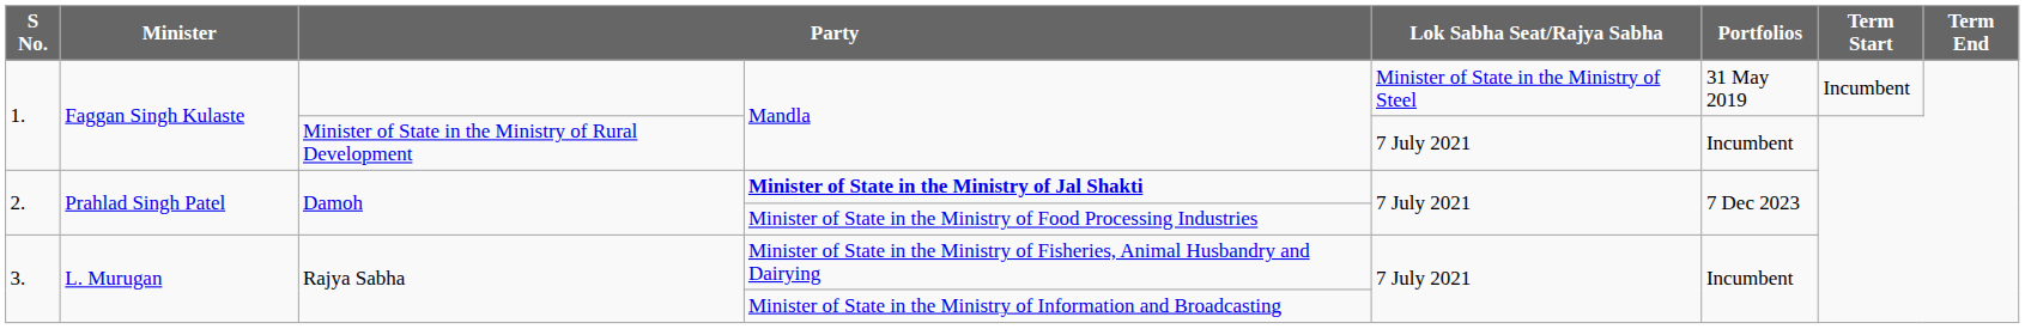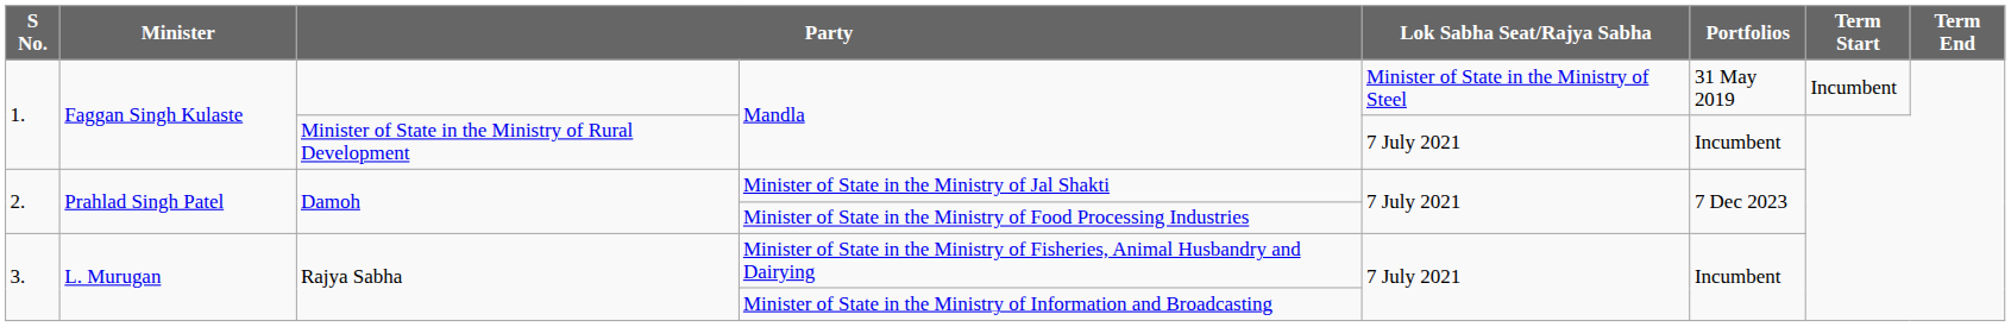 <table class="wikitable" width="80%" style="font-size: x-big;">
 <tr>
 <th style="background-color:#666666; color:white">S No.</th>
 <th style="background-color:#666666; color:white; width:180px">Minister</th>
 <th colspan="2" style="background-color:#666666; color:white">Party</th>
 <th style="background-color:#666666; color:white">Lok Sabha Seat/Rajya Sabha</th>
 <th style="background-color:#666666; color:white">Portfolios</th>
 <th style="background-color:#666666; color:white">Term Start</th>
 <th style="background-color:#666666; color:white">Term End</th>
 </tr>
 <tr>
 <td rowspan=2>1.</td>
 <td rowspan=2><a href='#'>Faggan Singh Kulaste</a></td>
 <td></td>
 <td rowspan=2><a href='#'>Mandla</a></td>
 <td><a href='#'>Minister of State in the Ministry of Steel</a></td>
 <td>31 May 2019</td>
 <td>Incumbent</td>
 </tr>
 <tr>
 <td><a href='#'>Minister of State in the Ministry of Rural Development</a></td>
 <td>7 July 2021</td>
 <td>Incumbent</td>
 </tr>
 <tr>
 <td rowspan=2>2.</td>
 <td rowspan=2><a href='#'>Prahlad Singh Patel</a></td>
 <td rowspan=2><a href='#'>Damoh</a></td>
-<td><strong><a href='#'>Minister of State in the Ministry of Jal Shakti</a></strong></td>
+<td><a href='#'>Minister of State in the Ministry of Jal Shakti</a></td>
 <td rowspan=2>7 July 2021</td>
 <td rowspan=2>7 Dec 2023</td>
 </tr>
 <tr>
 <td><a href='#'>Minister of State in the Ministry of Food Processing Industries</a></td>
 </tr>
 <tr>
 <td rowspan=2>3.</td>
 <td rowspan=2><a href='#'>L. Murugan</a></td>
 <td rowspan=2>Rajya Sabha</td>
 <td><a href='#'>Minister of State in the Ministry of Fisheries, Animal Husbandry and Dairying</a></td>
 <td rowspan=2>7 July 2021</td>
 <td rowspan=2>Incumbent</td>
 </tr>
 <tr>
 <td><a href='#'>Minister of State in the Ministry of Information and Broadcasting</a></td>
 </tr>
 <tr>
 </tr>
 </table>
